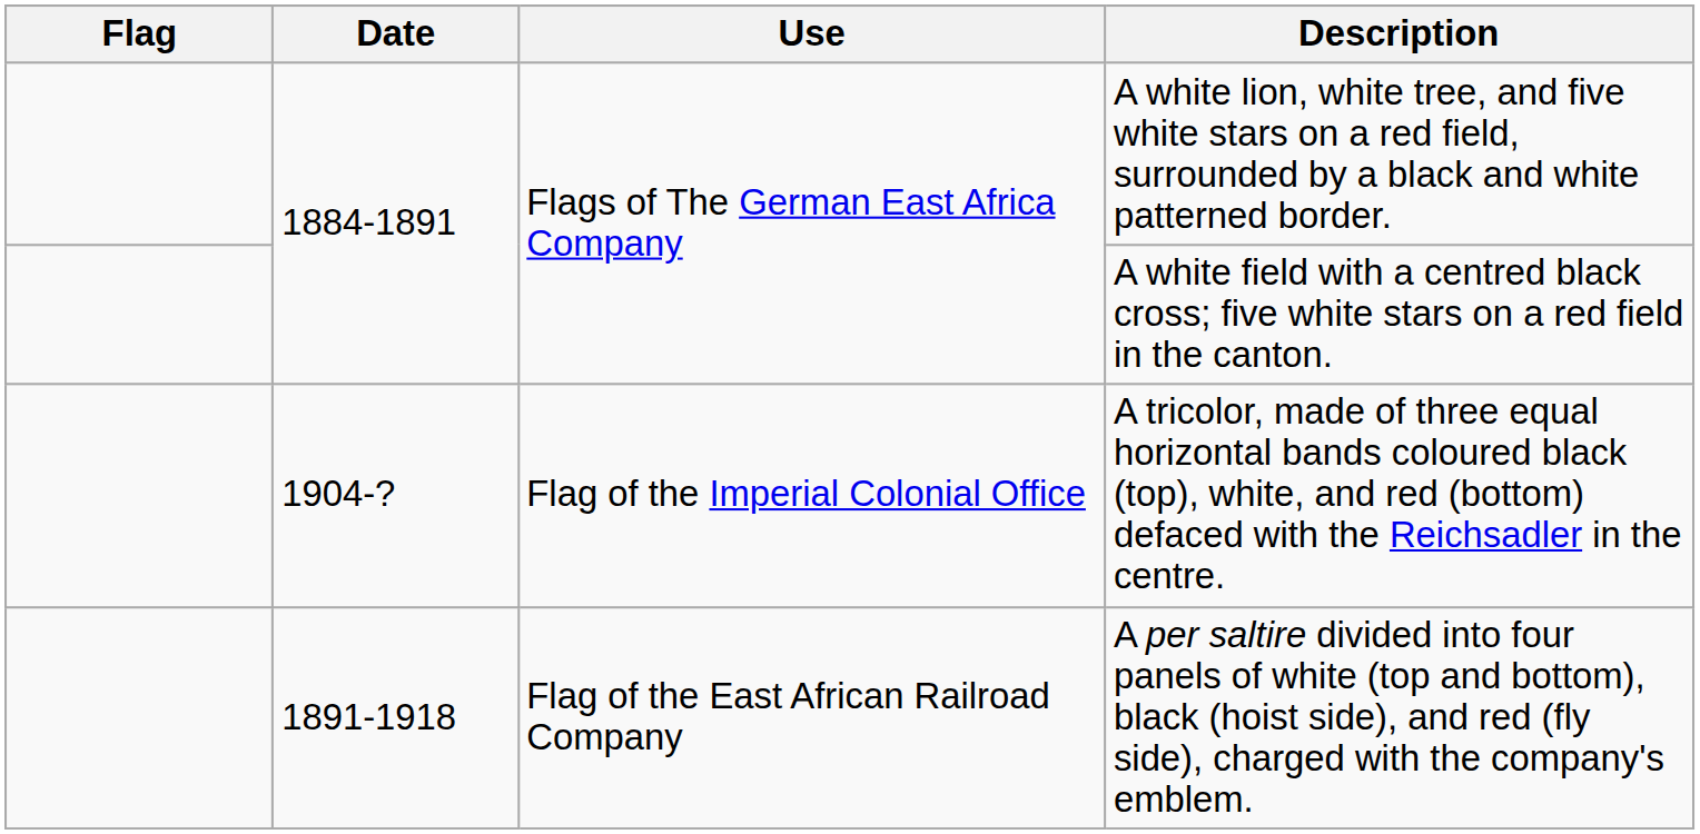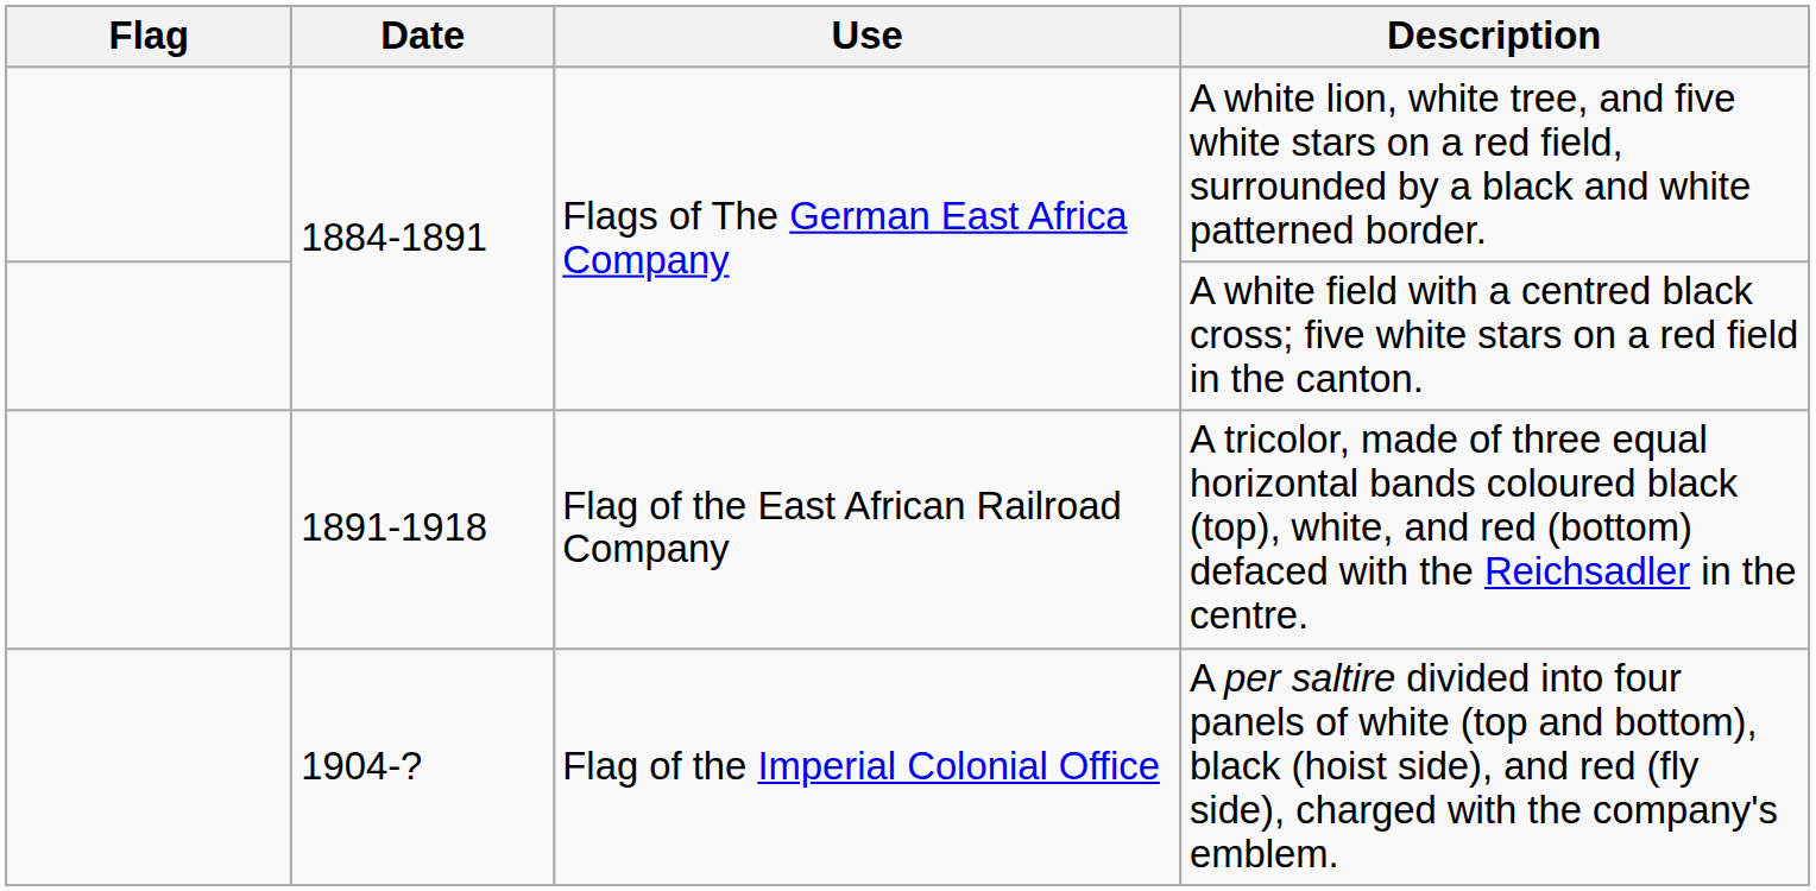 <table class="wikitable">
 <tr>
 <th style="width:110px;">Flag</th>
 <th style="width:100px;">Date</th>
 <th style="width:250px;">Use</th>
 <th style="width:250px;">Description</th>
 </tr>
 <tr>
 <td></td>
 <td rowspan="2">1884-1891</td>
 <td rowspan="2">Flags of The <a href='#'>German East Africa Company</a></td>
 <td>A white lion, white tree, and five white stars on a red field, surrounded by a black and white patterned border.</td>
 </tr>
 <tr>
 <td></td>
 <td>A white field with a centred black cross; five white stars on a red field in the canton.</td>
 </tr>
 <tr>
 <td></td>
-<td>1904-?</td>
-<td>Flag of the <a href='#'>Imperial Colonial Office</a></td>
+<td>1891-1918</td>
+<td>Flag of the East African Railroad Company</td>
 <td>A tricolor, made of three equal horizontal bands coloured black (top), white, and red (bottom) defaced with the <a href='#'>Reichsadler</a> in the centre.</td>
 </tr>
 <tr>
 <td></td>
-<td>1891-1918</td>
-<td>Flag of the East African Railroad Company</td>
+<td>1904-?</td>
+<td>Flag of the <a href='#'>Imperial Colonial Office</a></td>
 <td>A <em>per saltire</em> divided into four panels of white (top and bottom), black (hoist side), and red (fly side), charged with the company's emblem.</td>
 </tr>
 </table>
